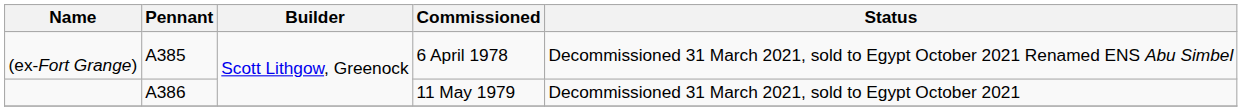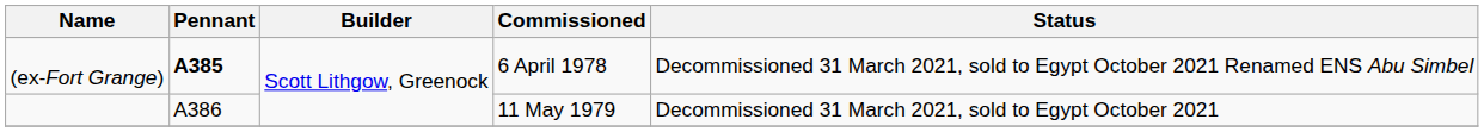 <table class="wikitable">
 <tr>
 <th>Name</th>
 <th>Pennant</th>
 <th>Builder</th>
 <th>Commissioned</th>
 <th>Status</th>
 </tr>
 <tr>
 <td><br>(ex-<em>Fort Grange</em>)</td>
-<td>A385</td>
+<td><strong>A385</strong></td>
 <td rowspan=2 align=center><a href='#'>Scott Lithgow</a>, Greenock</td>
 <td>6 April 1978</td>
 <td>Decommissioned 31 March 2021, sold to Egypt October 2021 Renamed ENS <em>Abu Simbel</em></td>
 </tr>
 <tr>
 <td></td>
 <td>A386</td>
 <td>11 May 1979</td>
 <td>Decommissioned 31 March 2021, sold to Egypt October 2021</td>
 </tr>
 <tr>
 </tr>
 </table>
